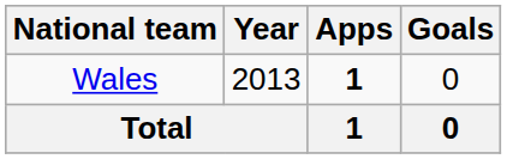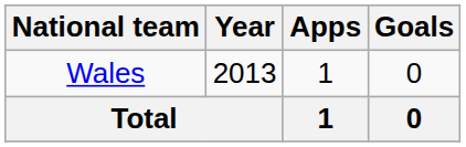 <table class="wikitable" style="text-align:center">
 <tr>
 <th>National team</th>
 <th>Year</th>
 <th>Apps</th>
 <th>Goals</th>
 </tr>
 <tr>
 <td><a href='#'>Wales</a></td>
 <td>2013</td>
-<td><strong>1</strong></td>
+<td>1</td>
 <td>0</td>
 </tr>
 <tr>
 <th colspan="2">Total</th>
 <th>1</th>
 <th>0</th>
 </tr>
 </table>
